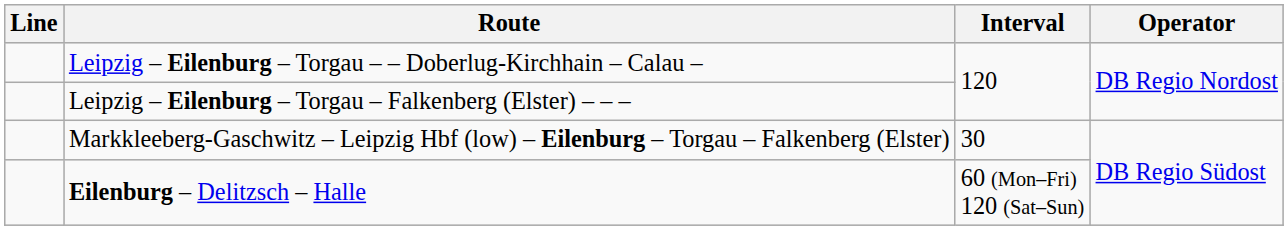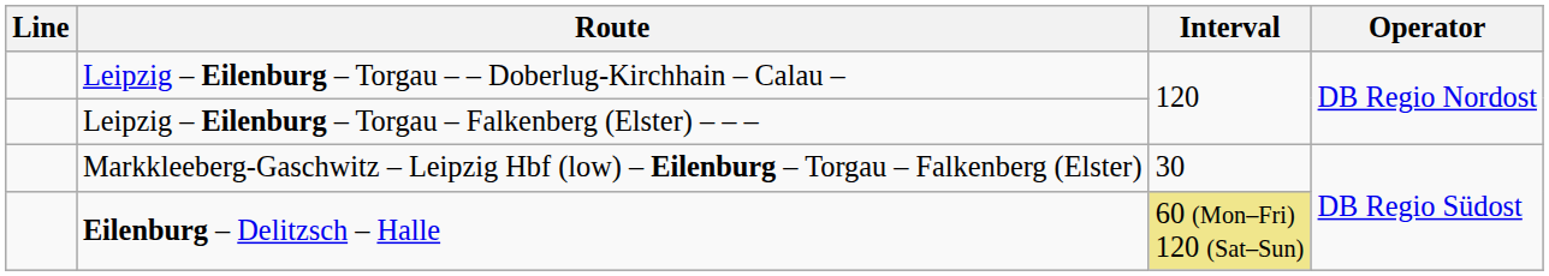 <table class="wikitable">
 <tr class="hintergrundfarbe5">
 <th>Line</th>
 <th>Route</th>
 <th>Interval</th>
 <th>Operator</th>
 </tr>
 <tr>
 <td></td>
 <td><a href='#'>Leipzig</a> – <strong>Eilenburg</strong> – Torgau –  – Doberlug-Kirchhain – Calau – </td>
 <td rowspan=2>120</td>
 <td rowspan=2><a href='#'>DB Regio Nordost</a></td>
 </tr>
 <tr>
 <td style="text-align:center"></td>
 <td>Leipzig – <strong>Eilenburg</strong> – Torgau – Falkenberg (Elster) –  –  – </td>
 </tr>
 <tr>
 <td style="text-align:center"></td>
 <td>Markkleeberg-Gaschwitz – Leipzig Hbf (low) – <strong>Eilenburg</strong> – Torgau – Falkenberg (Elster)</td>
 <td>30</td>
 <td rowspan=2><a href='#'>DB Regio Südost</a></td>
 </tr>
 <tr>
 <td style="text-align:center"></td>
 <td><strong>Eilenburg</strong> – <a href='#'>Delitzsch</a> – <a href='#'>Halle</a></td>
-<td>60 <small>(Mon–Fri)</small><br>120 <small>(Sat–Sun)</small></td>
+<td style="background: khaki;">60 <small>(Mon–Fri)</small><br>120 <small>(Sat–Sun)</small></td>
 </tr>
 </table>
